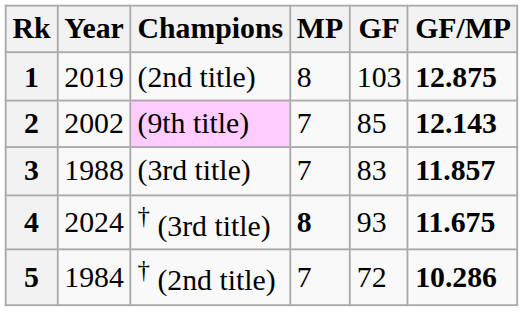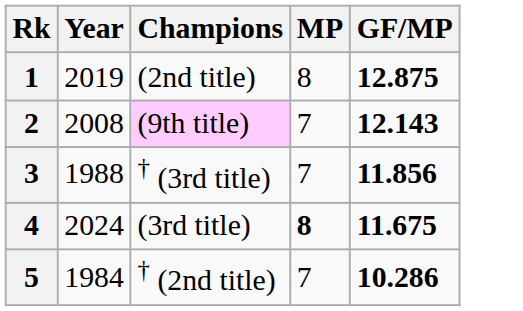 <table class="wikitable sticky-header defaultright col2center col3left" style="margin-left: 1em; margin-right: 1em; display: inline-table;">
 <tr>
 <th scope="col">Rk</th>
 <th scope="col">Year</th>
 <th scope="col">Champions</th>
 <th scope="col">MP</th>
-<th scope="col">GF</th>
 <th scope="col">GF/MP</th>
 </tr>
 <tr>
 <th scope="row">1</th>
 <td>2019</td>
 <td> (2nd title)</td>
 <td>8</td>
-<td>103</td>
 <td><strong>12.875</strong></td>
 </tr>
 <tr>
 <th scope="row">2</th>
-<td>2002</td>
+<td>2008</td>
 <td style="background-color: #ffccff;"> (9th title)</td>
 <td>7</td>
-<td>85</td>
 <td><strong>12.143</strong></td>
 </tr>
 <tr>
 <th scope="row">3</th>
 <td>1988</td>
-<td> (3rd title)</td>
+<td><em></em><sup>†</sup> (3rd title)</td>
 <td>7</td>
-<td>83</td>
-<td><strong>11.857</strong></td>
+<td><strong>11.856</strong></td>
 </tr>
 <tr>
 <th scope="row">4</th>
 <td>2024</td>
-<td><em></em><sup>†</sup> (3rd title)</td>
+<td> (3rd title)</td>
 <td><strong>8</strong></td>
-<td>93</td>
 <td><strong>11.675</strong></td>
 </tr>
 <tr>
 <th scope="row">5</th>
 <td>1984</td>
 <td><em></em><sup>†</sup> (2nd title)</td>
 <td>7</td>
-<td>72</td>
 <td><strong>10.286</strong></td>
 </tr>
 </table>
